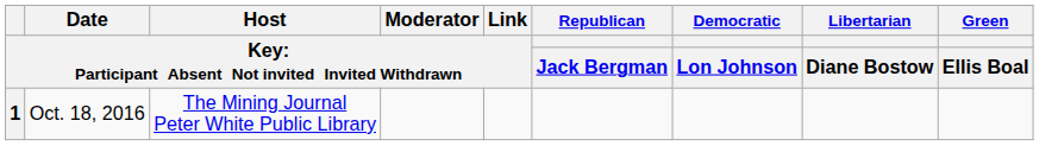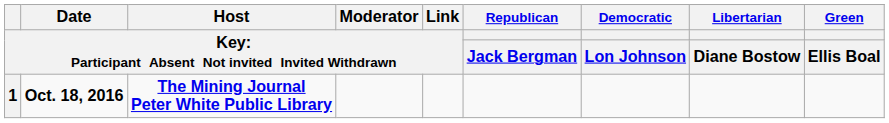 <table class="wikitable" style="text-align:center;">
 <tr>
 <th scope="col"></th>
 <th scope="col">Date</th>
 <th scope="col">Host</th>
 <th scope="col">Moderator</th>
 <th scope="col">Link</th>
 <th scope="col"><small><a href='#'>Republican</a></small></th>
 <th scope="col"><small><a href='#'>Democratic</a></small></th>
 <th scope="col"><small><a href='#'>Libertarian</a></small></th>
 <th scope="col"><small><a href='#'>Green</a></small></th>
 </tr>
 <tr>
 <th colspan="5" rowspan="2">Key:<br> <small>Participant </small>  <small>Absent </small>  <small>Not invited </small>  <small>Invited  Withdrawn</small></th>
 <th scope="col" style="background:"></th>
 <th scope="col" style="background:"></th>
 <th scope="col" style="background:"></th>
 <th scope="col" style="background:"></th>
 </tr>
 <tr>
 <th scope="col"><a href='#'>Jack Bergman</a></th>
 <th scope="col"><a href='#'>Lon Johnson</a></th>
 <th scope="col">Diane Bostow</th>
 <th scope="col">Ellis Boal</th>
 </tr>
 <tr>
 <th>1</th>
-<td style="white-space:nowrap;">Oct. 18, 2016</td>
-<td style="white-space:nowrap;"><a href='#'>The Mining Journal</a><br><a href='#'>Peter White Public Library</a></td>
+<td style="white-space:nowrap;"><strong>Oct. 18, 2016</strong></td>
+<td style="white-space:nowrap;"><strong><a href='#'>The Mining Journal</a><br><a href='#'>Peter White Public Library</a></strong></td>
 <td style="white-space:nowrap;"></td>
 <td style="white-space:nowrap;"></td>
 <td></td>
 <td></td>
 <td></td>
 <td></td>
 </tr>
 </table>
